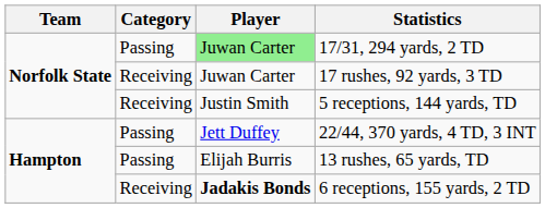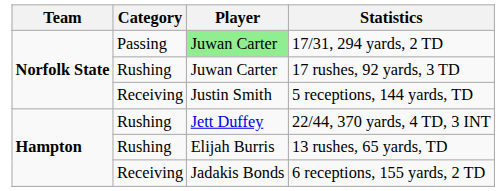 <table class="wikitable" style="float: right;">
 <tr>
 <th>Team</th>
 <th>Category</th>
 <th>Player</th>
 <th>Statistics</th>
 </tr>
 <tr>
 <td rowspan=3><strong>Norfolk State</strong></td>
 <td>Passing</td>
 <td style="background: lightgreen;">Juwan Carter</td>
 <td>17/31, 294 yards, 2 TD</td>
 </tr>
 <tr>
-<td>Receiving</td>
+<td>Rushing</td>
 <td>Juwan Carter</td>
 <td>17 rushes, 92 yards, 3 TD</td>
 </tr>
 <tr>
 <td>Receiving</td>
 <td>Justin Smith</td>
 <td>5 receptions, 144 yards, TD</td>
 </tr>
 <tr>
 <td rowspan=3><strong>Hampton</strong></td>
-<td>Passing</td>
+<td>Rushing</td>
 <td><a href='#'>Jett Duffey</a></td>
 <td>22/44, 370 yards, 4 TD, 3 INT</td>
 </tr>
 <tr>
-<td>Passing</td>
+<td>Rushing</td>
 <td>Elijah Burris</td>
 <td>13 rushes, 65 yards, TD</td>
 </tr>
 <tr>
 <td>Receiving</td>
-<td><strong>Jadakis Bonds</strong></td>
+<td>Jadakis Bonds</td>
 <td>6 receptions, 155 yards, 2 TD</td>
 </tr>
 </table>
